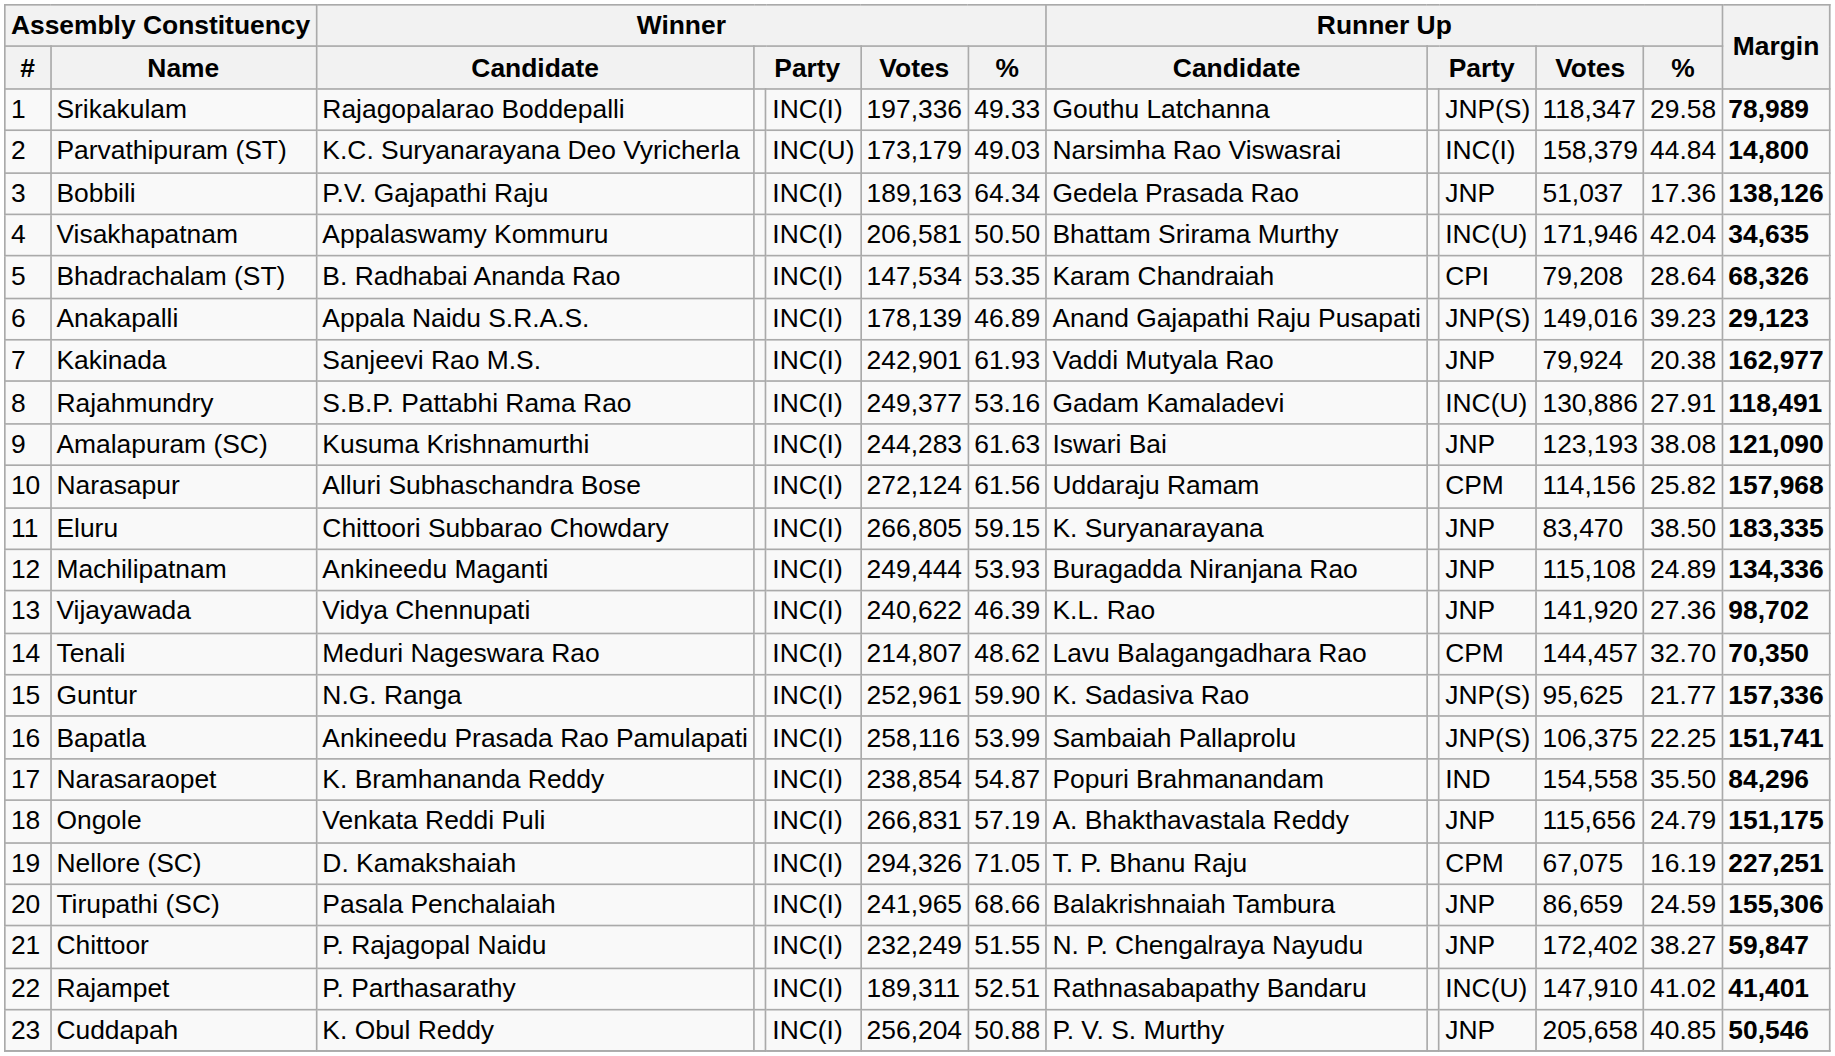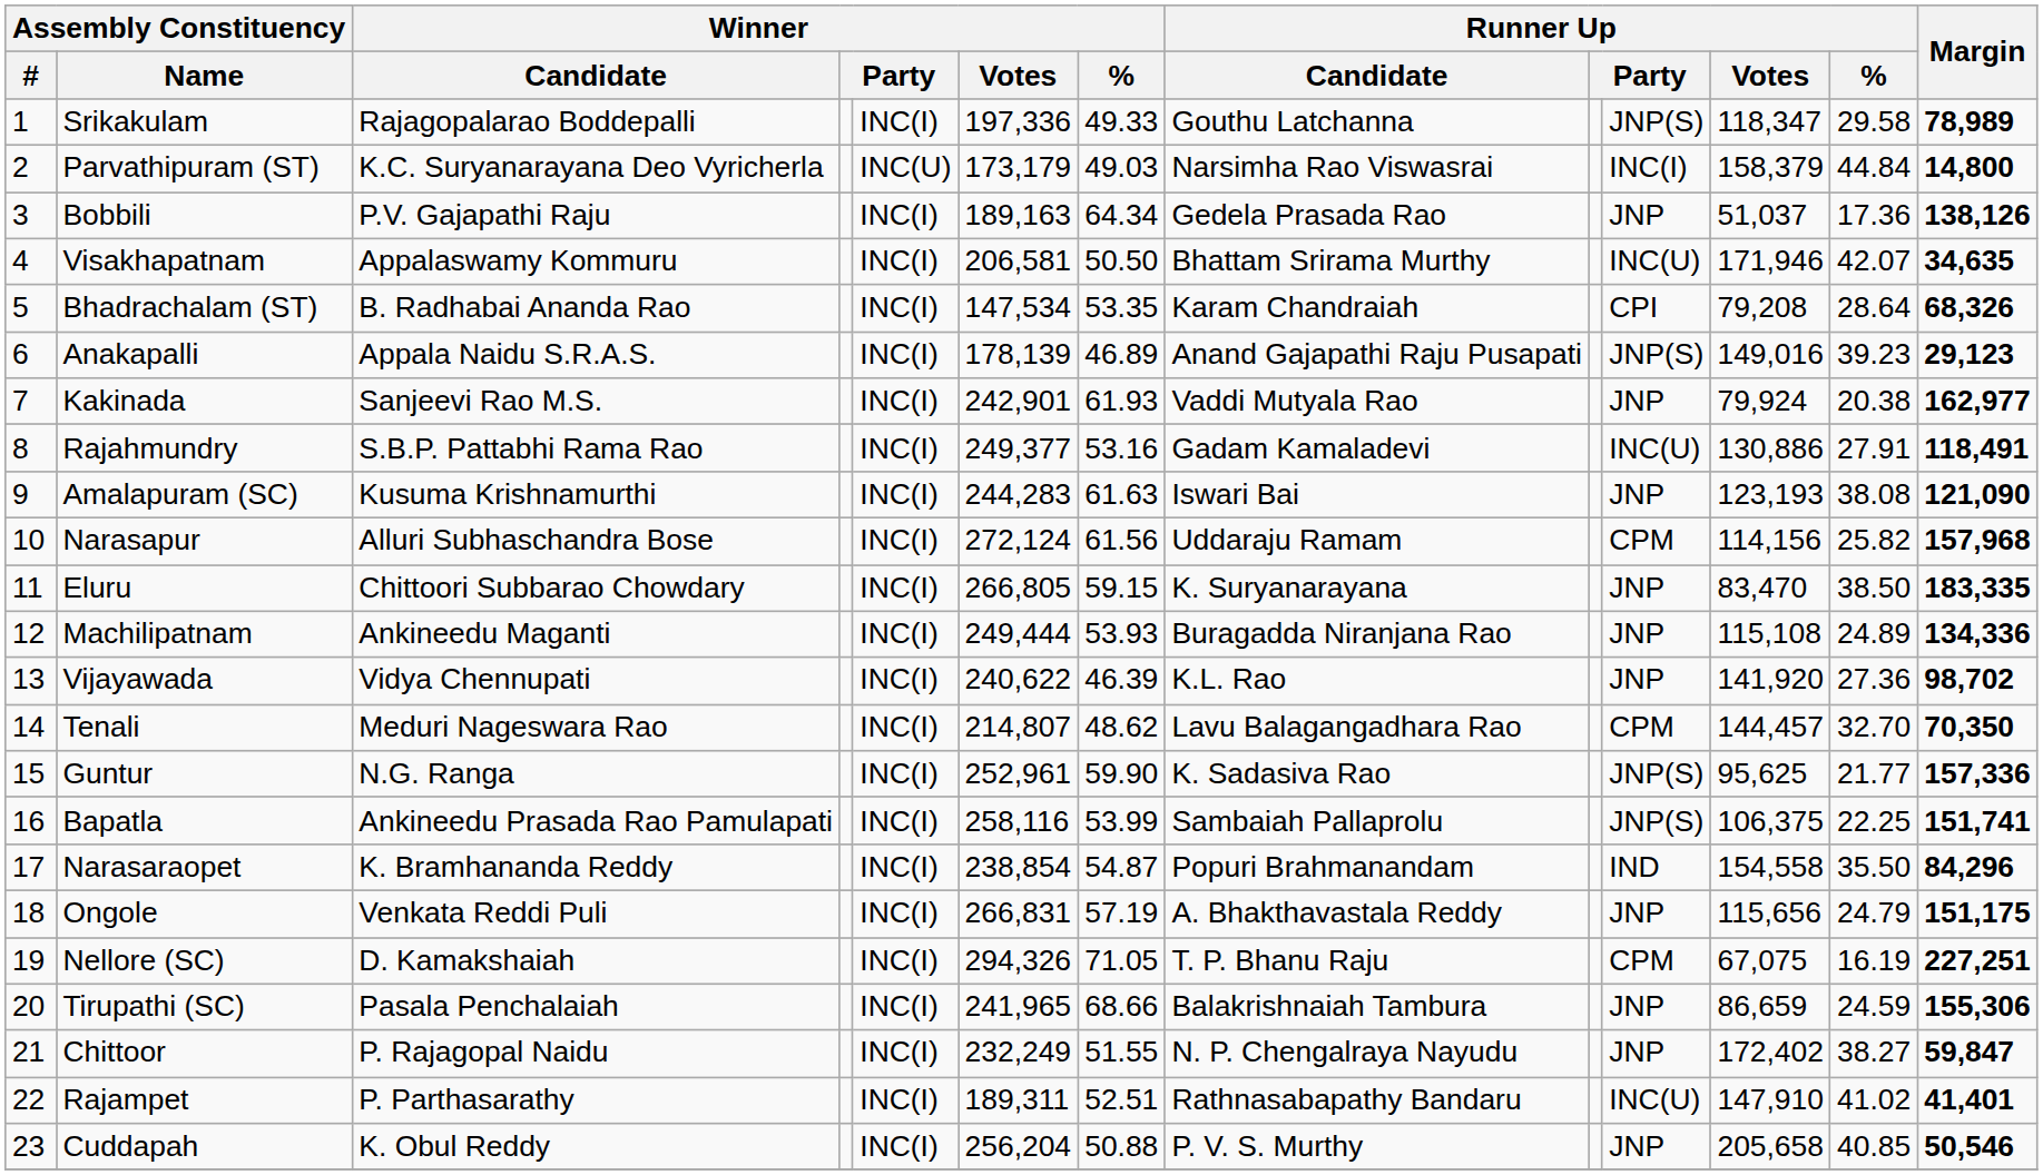 <table class="wikitable sortable">
 <tr>
 <th colspan="2">Assembly Constituency</th>
 <th colspan="5">Winner</th>
 <th colspan="5">Runner Up</th>
 <th rowspan="2">Margin</th>
 </tr>
 <tr>
 <th>#</th>
 <th>Name</th>
 <th>Candidate</th>
 <th colspan="2">Party</th>
 <th>Votes</th>
 <th><strong>%</strong></th>
 <th>Candidate</th>
 <th colspan="2">Party</th>
 <th>Votes</th>
 <th><strong>%</strong></th>
 </tr>
 <tr>
 <td>1</td>
 <td>Srikakulam</td>
 <td>Rajagopalarao Boddepalli</td>
 <td></td>
 <td>INC(I)</td>
 <td>197,336</td>
 <td>49.33</td>
 <td>Gouthu Latchanna</td>
 <td></td>
 <td>JNP(S)</td>
 <td>118,347</td>
 <td>29.58</td>
 <td style="background:"><span><strong>78,989</strong></span></td>
 </tr>
 <tr>
 <td>2</td>
 <td>Parvathipuram (ST)</td>
 <td>K.C. Suryanarayana Deo Vyricherla</td>
 <td></td>
 <td>INC(U)</td>
 <td>173,179</td>
 <td>49.03</td>
 <td>Narsimha Rao Viswasrai</td>
 <td></td>
 <td>INC(I)</td>
 <td>158,379</td>
 <td>44.84</td>
 <td style="background:"><span><strong>14,800</strong></span></td>
 </tr>
 <tr>
 <td>3</td>
 <td>Bobbili</td>
 <td>P.V. Gajapathi Raju</td>
 <td></td>
 <td>INC(I)</td>
 <td>189,163</td>
 <td>64.34</td>
 <td>Gedela Prasada Rao</td>
 <td></td>
 <td>JNP</td>
 <td>51,037</td>
 <td>17.36</td>
 <td style="background:"><span><strong>138,126</strong></span></td>
 </tr>
 <tr>
 <td>4</td>
 <td>Visakhapatnam</td>
 <td>Appalaswamy Kommuru</td>
 <td></td>
 <td>INC(I)</td>
 <td>206,581</td>
 <td>50.50</td>
 <td>Bhattam Srirama Murthy</td>
 <td></td>
 <td>INC(U)</td>
 <td>171,946</td>
-<td>42.04</td>
+<td>42.07</td>
 <td style="background:"><span><strong>34,635</strong></span></td>
 </tr>
 <tr>
 <td>5</td>
 <td>Bhadrachalam (ST)</td>
 <td>B. Radhabai Ananda Rao</td>
 <td></td>
 <td>INC(I)</td>
 <td>147,534</td>
 <td>53.35</td>
 <td>Karam Chandraiah</td>
 <td></td>
 <td>CPI</td>
 <td>79,208</td>
 <td>28.64</td>
 <td style="background:"><span><strong>68,326</strong></span></td>
 </tr>
 <tr>
 <td>6</td>
 <td>Anakapalli</td>
 <td>Appala Naidu S.R.A.S.</td>
 <td></td>
 <td>INC(I)</td>
 <td>178,139</td>
 <td>46.89</td>
 <td>Anand Gajapathi Raju Pusapati</td>
 <td></td>
 <td>JNP(S)</td>
 <td>149,016</td>
 <td>39.23</td>
 <td style="background:"><span><strong>29,123</strong></span></td>
 </tr>
 <tr>
 <td>7</td>
 <td>Kakinada</td>
 <td>Sanjeevi Rao M.S.</td>
 <td></td>
 <td>INC(I)</td>
 <td>242,901</td>
 <td>61.93</td>
 <td>Vaddi Mutyala Rao</td>
 <td></td>
 <td>JNP</td>
 <td>79,924</td>
 <td>20.38</td>
 <td style="background:"><span><strong>162,977</strong></span></td>
 </tr>
 <tr>
 <td>8</td>
 <td>Rajahmundry</td>
 <td>S.B.P. Pattabhi Rama Rao</td>
 <td></td>
 <td>INC(I)</td>
 <td>249,377</td>
 <td>53.16</td>
 <td>Gadam Kamaladevi</td>
 <td></td>
 <td>INC(U)</td>
 <td>130,886</td>
 <td>27.91</td>
 <td style="background:"><span><strong>118,491</strong></span></td>
 </tr>
 <tr>
 <td>9</td>
 <td>Amalapuram (SC)</td>
 <td>Kusuma Krishnamurthi</td>
 <td></td>
 <td>INC(I)</td>
 <td>244,283</td>
 <td>61.63</td>
 <td>Iswari Bai</td>
 <td></td>
 <td>JNP</td>
 <td>123,193</td>
 <td>38.08</td>
 <td style="background:"><span><strong>121,090</strong></span></td>
 </tr>
 <tr>
 <td>10</td>
 <td>Narasapur</td>
 <td>Alluri Subhaschandra Bose</td>
 <td></td>
 <td>INC(I)</td>
 <td>272,124</td>
 <td>61.56</td>
 <td>Uddaraju Ramam</td>
 <td></td>
 <td>CPM</td>
 <td>114,156</td>
 <td>25.82</td>
 <td style="background:"><span><strong>157,968</strong></span></td>
 </tr>
 <tr>
 <td>11</td>
 <td>Eluru</td>
 <td>Chittoori Subbarao Chowdary</td>
 <td></td>
 <td>INC(I)</td>
 <td>266,805</td>
 <td>59.15</td>
 <td>K. Suryanarayana</td>
 <td></td>
 <td>JNP</td>
 <td>83,470</td>
 <td>38.50</td>
 <td style="background:"><span><strong>183,335</strong></span></td>
 </tr>
 <tr>
 <td>12</td>
 <td>Machilipatnam</td>
 <td>Ankineedu Maganti</td>
 <td></td>
 <td>INC(I)</td>
 <td>249,444</td>
 <td>53.93</td>
 <td>Buragadda Niranjana Rao</td>
 <td></td>
 <td>JNP</td>
 <td>115,108</td>
 <td>24.89</td>
 <td style="background:"><span><strong>134,336</strong></span></td>
 </tr>
 <tr>
 <td>13</td>
 <td>Vijayawada</td>
 <td>Vidya Chennupati</td>
 <td></td>
 <td>INC(I)</td>
 <td>240,622</td>
 <td>46.39</td>
 <td>K.L. Rao</td>
 <td></td>
 <td>JNP</td>
 <td>141,920</td>
 <td>27.36</td>
 <td style="background:"><span><strong>98,702</strong></span></td>
 </tr>
 <tr>
 <td>14</td>
 <td>Tenali</td>
 <td>Meduri Nageswara Rao</td>
 <td></td>
 <td>INC(I)</td>
 <td>214,807</td>
 <td>48.62</td>
 <td>Lavu Balagangadhara Rao</td>
 <td></td>
 <td>CPM</td>
 <td>144,457</td>
 <td>32.70</td>
 <td style="background:"><span><strong>70,350</strong></span></td>
 </tr>
 <tr>
 <td>15</td>
 <td>Guntur</td>
 <td>N.G. Ranga</td>
 <td></td>
 <td>INC(I)</td>
 <td>252,961</td>
 <td>59.90</td>
 <td>K. Sadasiva Rao</td>
 <td></td>
 <td>JNP(S)</td>
 <td>95,625</td>
 <td>21.77</td>
 <td style="background:"><span><strong>157,336</strong></span></td>
 </tr>
 <tr>
 <td>16</td>
 <td>Bapatla</td>
 <td>Ankineedu Prasada Rao Pamulapati</td>
 <td></td>
 <td>INC(I)</td>
 <td>258,116</td>
 <td>53.99</td>
 <td>Sambaiah Pallaprolu</td>
 <td></td>
 <td>JNP(S)</td>
 <td>106,375</td>
 <td>22.25</td>
 <td style="background:"><span><strong>151,741</strong></span></td>
 </tr>
 <tr>
 <td>17</td>
 <td>Narasaraopet</td>
 <td>K. Bramhananda Reddy</td>
 <td></td>
 <td>INC(I)</td>
 <td>238,854</td>
 <td>54.87</td>
 <td>Popuri Brahmanandam</td>
 <td></td>
 <td>IND</td>
 <td>154,558</td>
 <td>35.50</td>
 <td style="background:"><span><strong>84,296</strong></span></td>
 </tr>
 <tr>
 <td>18</td>
 <td>Ongole</td>
 <td>Venkata Reddi Puli</td>
 <td></td>
 <td>INC(I)</td>
 <td>266,831</td>
 <td>57.19</td>
 <td>A. Bhakthavastala Reddy</td>
 <td></td>
 <td>JNP</td>
 <td>115,656</td>
 <td>24.79</td>
 <td style="background:"><span><strong>151,175</strong></span></td>
 </tr>
 <tr>
 <td>19</td>
 <td>Nellore (SC)</td>
 <td>D. Kamakshaiah</td>
 <td></td>
 <td>INC(I)</td>
 <td>294,326</td>
 <td>71.05</td>
 <td>T. P. Bhanu Raju</td>
 <td></td>
 <td>CPM</td>
 <td>67,075</td>
 <td>16.19</td>
 <td style="background:"><span><strong>227,251</strong></span></td>
 </tr>
 <tr>
 <td>20</td>
 <td>Tirupathi (SC)</td>
 <td>Pasala Penchalaiah</td>
 <td></td>
 <td>INC(I)</td>
 <td>241,965</td>
 <td>68.66</td>
 <td>Balakrishnaiah Tambura</td>
 <td></td>
 <td>JNP</td>
 <td>86,659</td>
 <td>24.59</td>
 <td style="background:"><span><strong>155,306</strong></span></td>
 </tr>
 <tr>
 <td>21</td>
 <td>Chittoor</td>
 <td>P. Rajagopal Naidu</td>
 <td></td>
 <td>INC(I)</td>
 <td>232,249</td>
 <td>51.55</td>
 <td>N. P. Chengalraya Nayudu</td>
 <td></td>
 <td>JNP</td>
 <td>172,402</td>
 <td>38.27</td>
 <td style="background:"><span><strong>59,847</strong></span></td>
 </tr>
 <tr>
 <td>22</td>
 <td>Rajampet</td>
 <td>P. Parthasarathy</td>
 <td></td>
 <td>INC(I)</td>
 <td>189,311</td>
 <td>52.51</td>
 <td>Rathnasabapathy Bandaru</td>
 <td></td>
 <td>INC(U)</td>
 <td>147,910</td>
 <td>41.02</td>
 <td style="background:"><span><strong>41,401</strong></span></td>
 </tr>
 <tr>
 <td>23</td>
 <td>Cuddapah</td>
 <td>K. Obul Reddy</td>
 <td></td>
 <td>INC(I)</td>
 <td>256,204</td>
 <td>50.88</td>
 <td>P. V. S. Murthy</td>
 <td></td>
 <td>JNP</td>
 <td>205,658</td>
 <td>40.85</td>
 <td style="background:"><span><strong>50,546</strong></span></td>
 </tr>
 <tr>
 </tr>
 </table>
